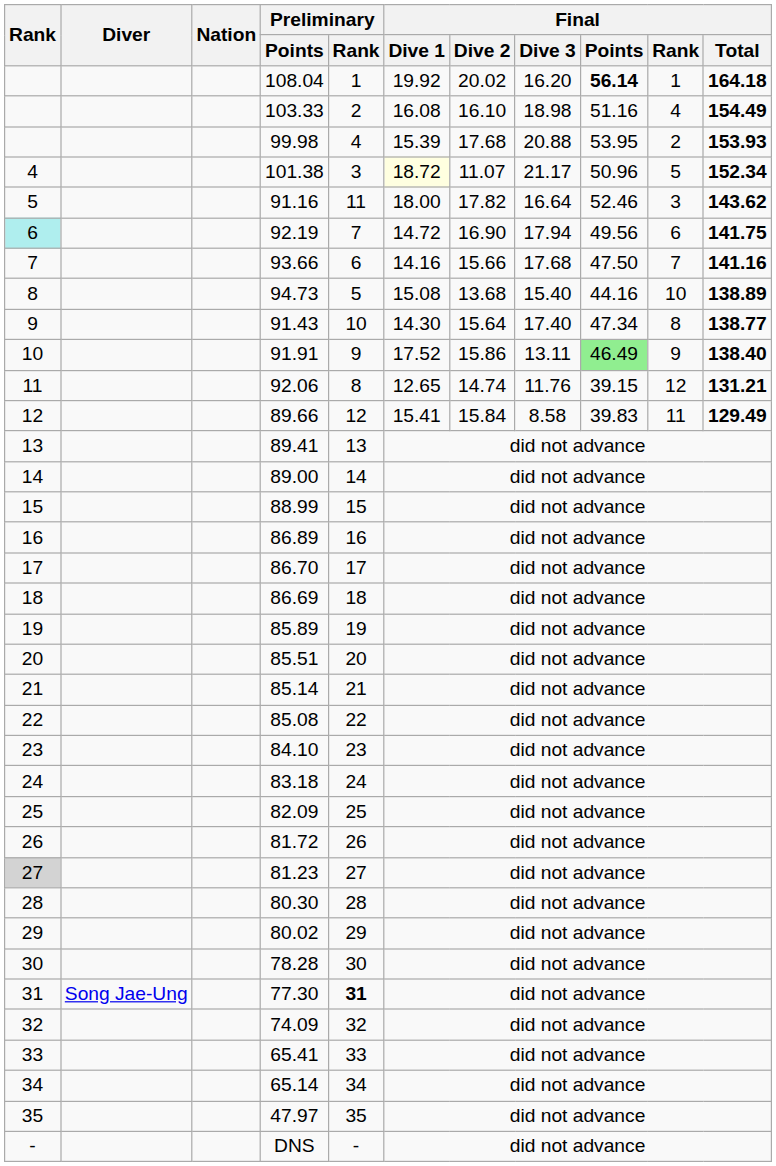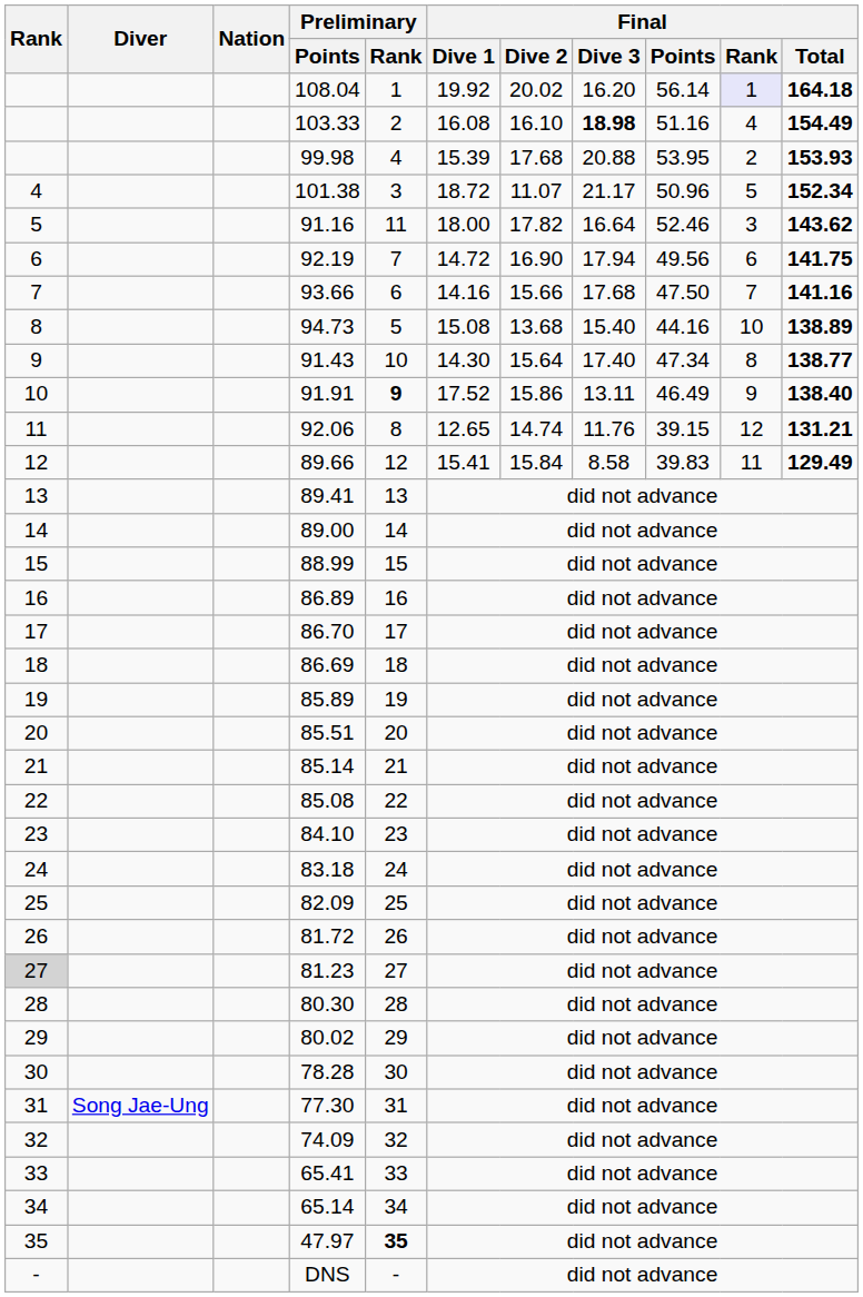 <table class="wikitable sortable" style="text-align:center;">
 <tr>
 <th rowspan=2>Rank</th>
 <th rowspan=2>Diver</th>
 <th rowspan=2>Nation</th>
 <th colspan=2>Preliminary</th>
 <th colspan=6>Final</th>
 </tr>
 <tr>
 <th>Points</th>
 <th>Rank</th>
 <th>Dive 1</th>
 <th>Dive 2</th>
 <th>Dive 3</th>
 <th>Points</th>
 <th>Rank</th>
 <th>Total</th>
 </tr>
 <tr>
 <td></td>
 <td align=left></td>
 <td align=left></td>
 <td>108.04</td>
 <td>1</td>
 <td>19.92</td>
 <td>20.02</td>
 <td>16.20</td>
-<td><strong>56.14</strong></td>
-<td>1</td>
+<td>56.14</td>
+<td style="background: lavender;">1</td>
 <td><strong>164.18</strong></td>
 </tr>
 <tr>
 <td></td>
 <td align=left></td>
 <td align=left></td>
 <td>103.33</td>
 <td>2</td>
 <td>16.08</td>
 <td>16.10</td>
-<td>18.98</td>
+<td><strong>18.98</strong></td>
 <td>51.16</td>
 <td>4</td>
 <td><strong>154.49</strong></td>
 </tr>
 <tr>
 <td></td>
 <td align=left></td>
 <td align=left></td>
 <td>99.98</td>
 <td>4</td>
 <td>15.39</td>
 <td>17.68</td>
 <td>20.88</td>
 <td>53.95</td>
 <td>2</td>
 <td><strong>153.93</strong></td>
 </tr>
 <tr>
 <td>4</td>
 <td align=left></td>
 <td align=left></td>
 <td>101.38</td>
 <td>3</td>
-<td style="background: lightyellow;">18.72</td>
+<td>18.72</td>
 <td>11.07</td>
 <td>21.17</td>
 <td>50.96</td>
 <td>5</td>
 <td><strong>152.34</strong></td>
 </tr>
 <tr>
 <td>5</td>
 <td align=left></td>
 <td align=left></td>
 <td>91.16</td>
 <td>11</td>
 <td>18.00</td>
 <td>17.82</td>
 <td>16.64</td>
 <td>52.46</td>
 <td>3</td>
 <td><strong>143.62</strong></td>
 </tr>
 <tr>
-<td style="background: paleturquoise;">6</td>
+<td>6</td>
 <td align=left></td>
 <td align=left></td>
 <td>92.19</td>
 <td>7</td>
 <td>14.72</td>
 <td>16.90</td>
 <td>17.94</td>
 <td>49.56</td>
 <td>6</td>
 <td><strong>141.75</strong></td>
 </tr>
 <tr>
 <td>7</td>
 <td align=left></td>
 <td align=left></td>
 <td>93.66</td>
 <td>6</td>
 <td>14.16</td>
 <td>15.66</td>
 <td>17.68</td>
 <td>47.50</td>
 <td>7</td>
 <td><strong>141.16</strong></td>
 </tr>
 <tr>
 <td>8</td>
 <td align=left></td>
 <td align=left></td>
 <td>94.73</td>
 <td>5</td>
 <td>15.08</td>
 <td>13.68</td>
 <td>15.40</td>
 <td>44.16</td>
 <td>10</td>
 <td><strong>138.89</strong></td>
 </tr>
 <tr>
 <td>9</td>
 <td align=left></td>
 <td align=left></td>
 <td>91.43</td>
 <td>10</td>
 <td>14.30</td>
 <td>15.64</td>
 <td>17.40</td>
 <td>47.34</td>
 <td>8</td>
 <td><strong>138.77</strong></td>
 </tr>
 <tr>
 <td>10</td>
 <td align=left></td>
 <td align=left></td>
 <td>91.91</td>
-<td>9</td>
+<td><strong>9</strong></td>
 <td>17.52</td>
 <td>15.86</td>
 <td>13.11</td>
-<td style="background: lightgreen;">46.49</td>
+<td>46.49</td>
 <td>9</td>
 <td><strong>138.40</strong></td>
 </tr>
 <tr>
 <td>11</td>
 <td align=left></td>
 <td align=left></td>
 <td>92.06</td>
 <td>8</td>
 <td>12.65</td>
 <td>14.74</td>
 <td>11.76</td>
 <td>39.15</td>
 <td>12</td>
 <td><strong>131.21</strong></td>
 </tr>
 <tr>
 <td>12</td>
 <td align=left></td>
 <td align=left></td>
 <td>89.66</td>
 <td>12</td>
 <td>15.41</td>
 <td>15.84</td>
 <td>8.58</td>
 <td>39.83</td>
 <td>11</td>
 <td><strong>129.49</strong></td>
 </tr>
 <tr>
 <td>13</td>
 <td align=left></td>
 <td align=left></td>
 <td>89.41</td>
 <td>13</td>
 <td colspan=6>did not advance</td>
 </tr>
 <tr>
 <td>14</td>
 <td align=left></td>
 <td align=left></td>
 <td>89.00</td>
 <td>14</td>
 <td colspan=6>did not advance</td>
 </tr>
 <tr>
 <td>15</td>
 <td align=left></td>
 <td align=left></td>
 <td>88.99</td>
 <td>15</td>
 <td colspan=6>did not advance</td>
 </tr>
 <tr>
 <td>16</td>
 <td align=left></td>
 <td align=left></td>
 <td>86.89</td>
 <td>16</td>
 <td colspan=6>did not advance</td>
 </tr>
 <tr>
 <td>17</td>
 <td align=left></td>
 <td align=left></td>
 <td>86.70</td>
 <td>17</td>
 <td colspan=6>did not advance</td>
 </tr>
 <tr>
 <td>18</td>
 <td align=left></td>
 <td align=left></td>
 <td>86.69</td>
 <td>18</td>
 <td colspan=6>did not advance</td>
 </tr>
 <tr>
 <td>19</td>
 <td align=left></td>
 <td align=left></td>
 <td>85.89</td>
 <td>19</td>
 <td colspan=6>did not advance</td>
 </tr>
 <tr>
 <td>20</td>
 <td align=left></td>
 <td align=left></td>
 <td>85.51</td>
 <td>20</td>
 <td colspan=6>did not advance</td>
 </tr>
 <tr>
 <td>21</td>
 <td align=left></td>
 <td align=left></td>
 <td>85.14</td>
 <td>21</td>
 <td colspan=6>did not advance</td>
 </tr>
 <tr>
 <td>22</td>
 <td align=left></td>
 <td align=left></td>
 <td>85.08</td>
 <td>22</td>
 <td colspan=6>did not advance</td>
 </tr>
 <tr>
 <td>23</td>
 <td align=left></td>
 <td align=left></td>
 <td>84.10</td>
 <td>23</td>
 <td colspan=6>did not advance</td>
 </tr>
 <tr>
 <td>24</td>
 <td align=left></td>
 <td align=left></td>
 <td>83.18</td>
 <td>24</td>
 <td colspan=6>did not advance</td>
 </tr>
 <tr>
 <td>25</td>
 <td align=left></td>
 <td align=left></td>
 <td>82.09</td>
 <td>25</td>
 <td colspan=6>did not advance</td>
 </tr>
 <tr>
 <td>26</td>
 <td align=left></td>
 <td align=left></td>
 <td>81.72</td>
 <td>26</td>
 <td colspan=6>did not advance</td>
 </tr>
 <tr>
 <td style="background: lightgrey;">27</td>
 <td align=left></td>
 <td align=left></td>
 <td>81.23</td>
 <td>27</td>
 <td colspan=6>did not advance</td>
 </tr>
 <tr>
 <td>28</td>
 <td align=left></td>
 <td align=left></td>
 <td>80.30</td>
 <td>28</td>
 <td colspan=6>did not advance</td>
 </tr>
 <tr>
 <td>29</td>
 <td align=left></td>
 <td align=left></td>
 <td>80.02</td>
 <td>29</td>
 <td colspan=6>did not advance</td>
 </tr>
 <tr>
 <td>30</td>
 <td align=left></td>
 <td align=left></td>
 <td>78.28</td>
 <td>30</td>
 <td colspan=6>did not advance</td>
 </tr>
 <tr>
 <td>31</td>
 <td align=left><a href='#'>Song Jae-Ung</a></td>
 <td align=left></td>
 <td>77.30</td>
-<td><strong>31</strong></td>
+<td>31</td>
 <td colspan=6>did not advance</td>
 </tr>
 <tr>
 <td>32</td>
 <td align=left></td>
 <td align=left></td>
 <td>74.09</td>
 <td>32</td>
 <td colspan=6>did not advance</td>
 </tr>
 <tr>
 <td>33</td>
 <td align=left></td>
 <td align=left></td>
 <td>65.41</td>
 <td>33</td>
 <td colspan=6>did not advance</td>
 </tr>
 <tr>
 <td>34</td>
 <td align=left></td>
 <td align=left></td>
 <td>65.14</td>
 <td>34</td>
 <td colspan=6>did not advance</td>
 </tr>
 <tr>
 <td>35</td>
 <td align=left></td>
 <td align=left></td>
 <td>47.97</td>
-<td>35</td>
+<td><strong>35</strong></td>
 <td colspan=6>did not advance</td>
 </tr>
 <tr>
 <td>-</td>
 <td align=left></td>
 <td align=left></td>
 <td>DNS</td>
 <td>-</td>
 <td colspan=6>did not advance</td>
 </tr>
 </table>
